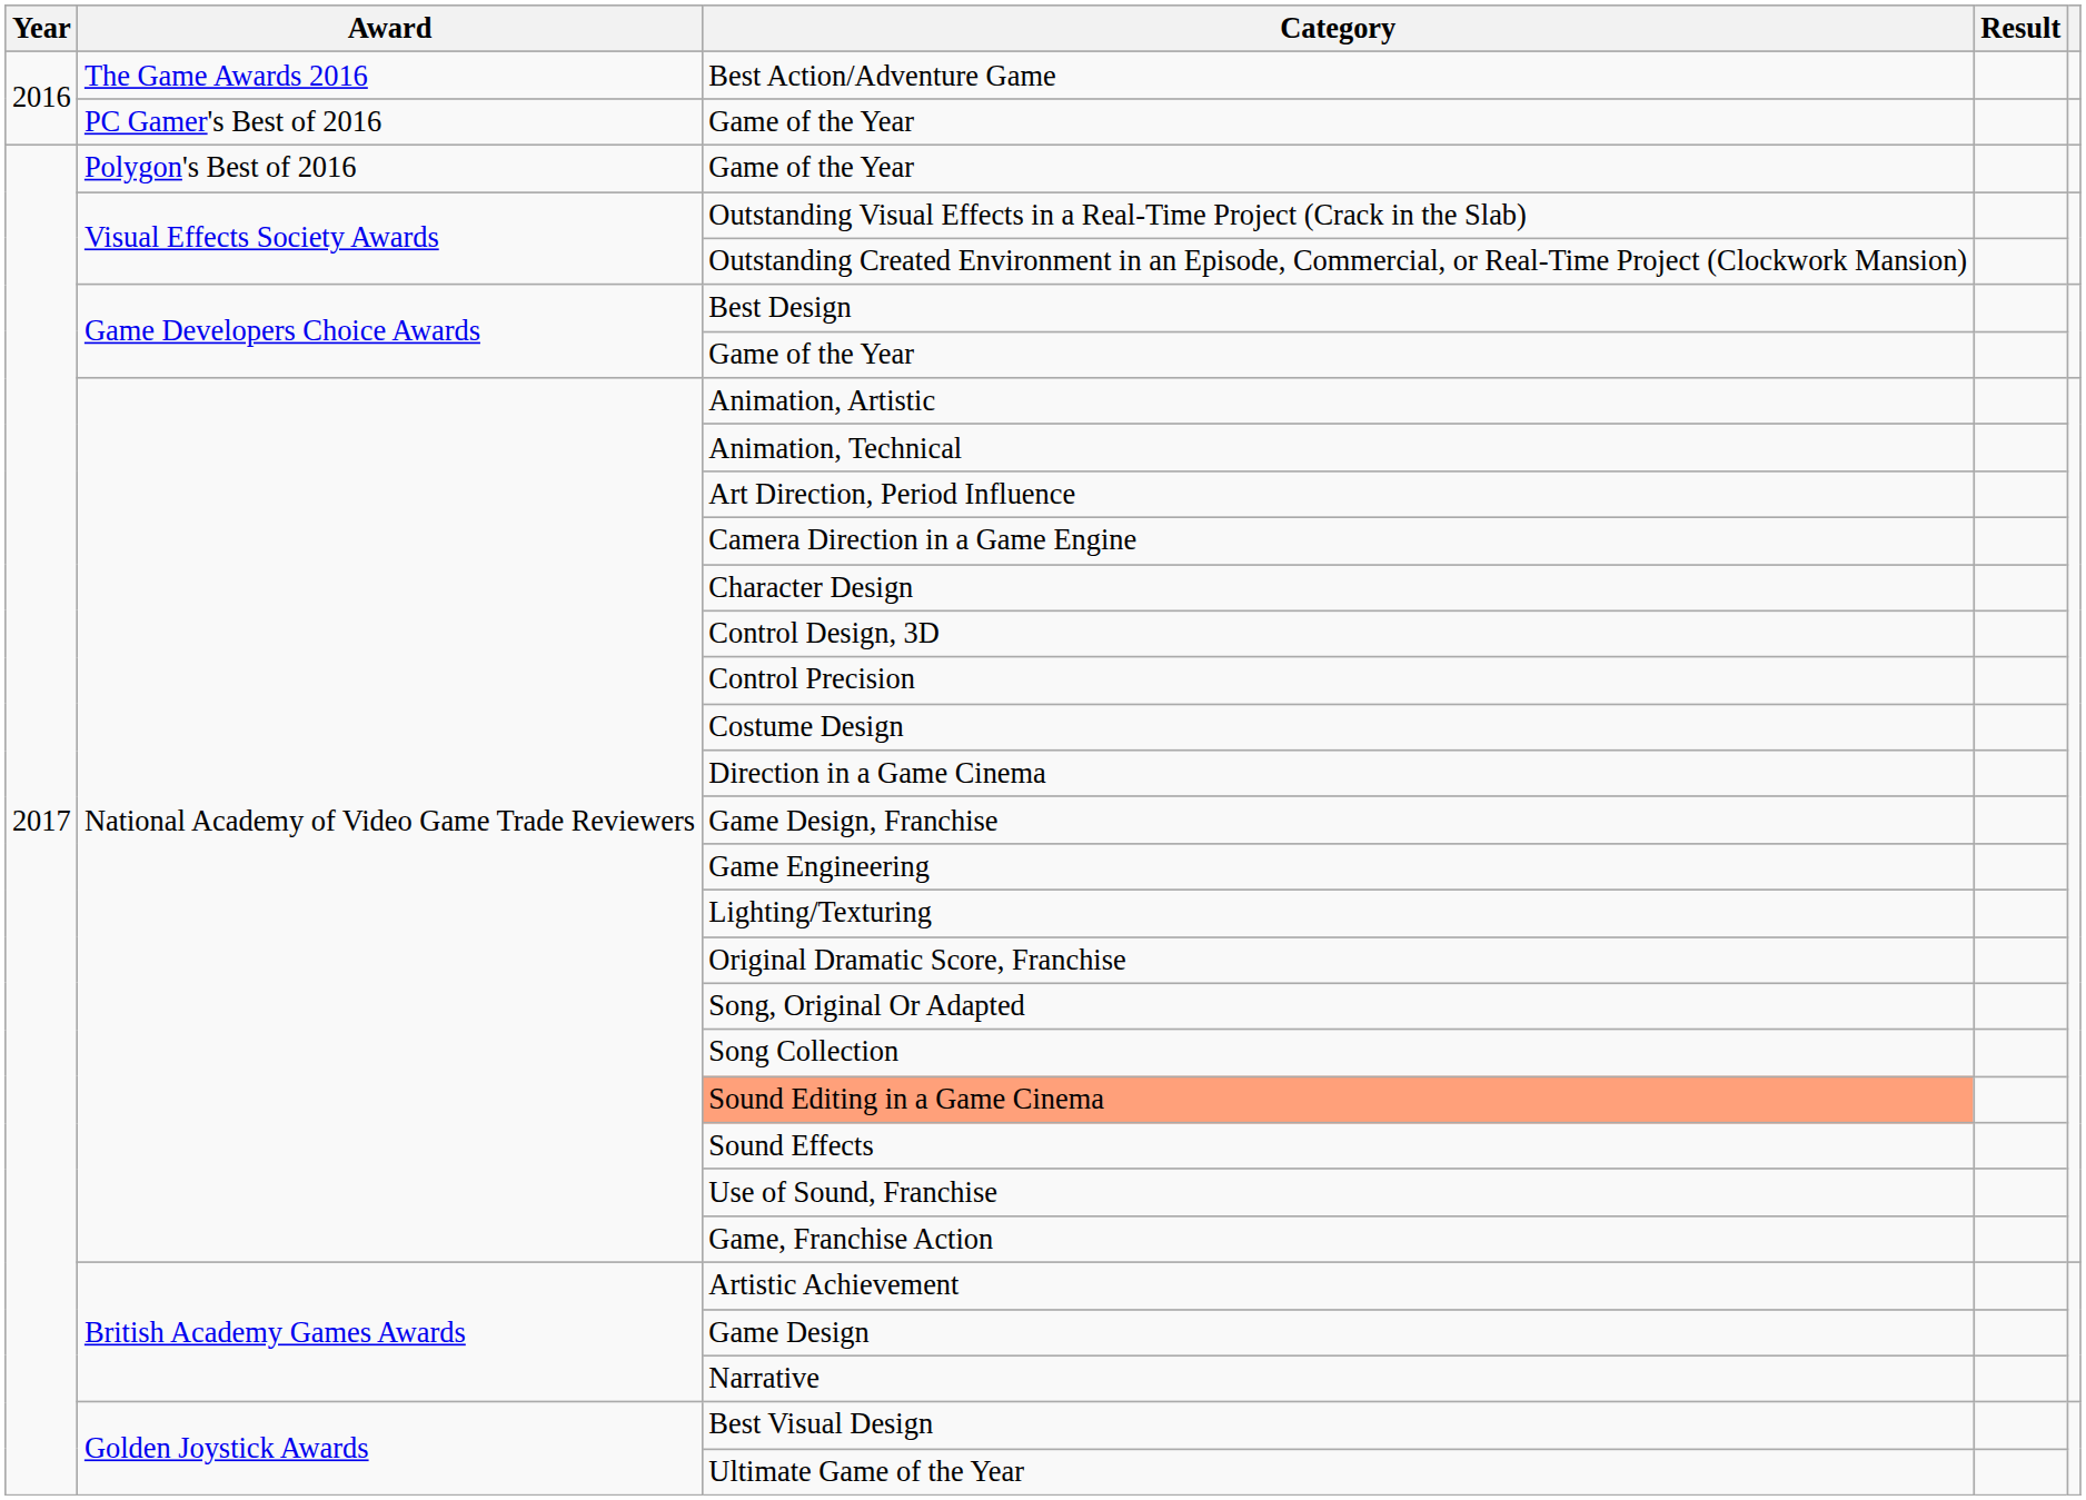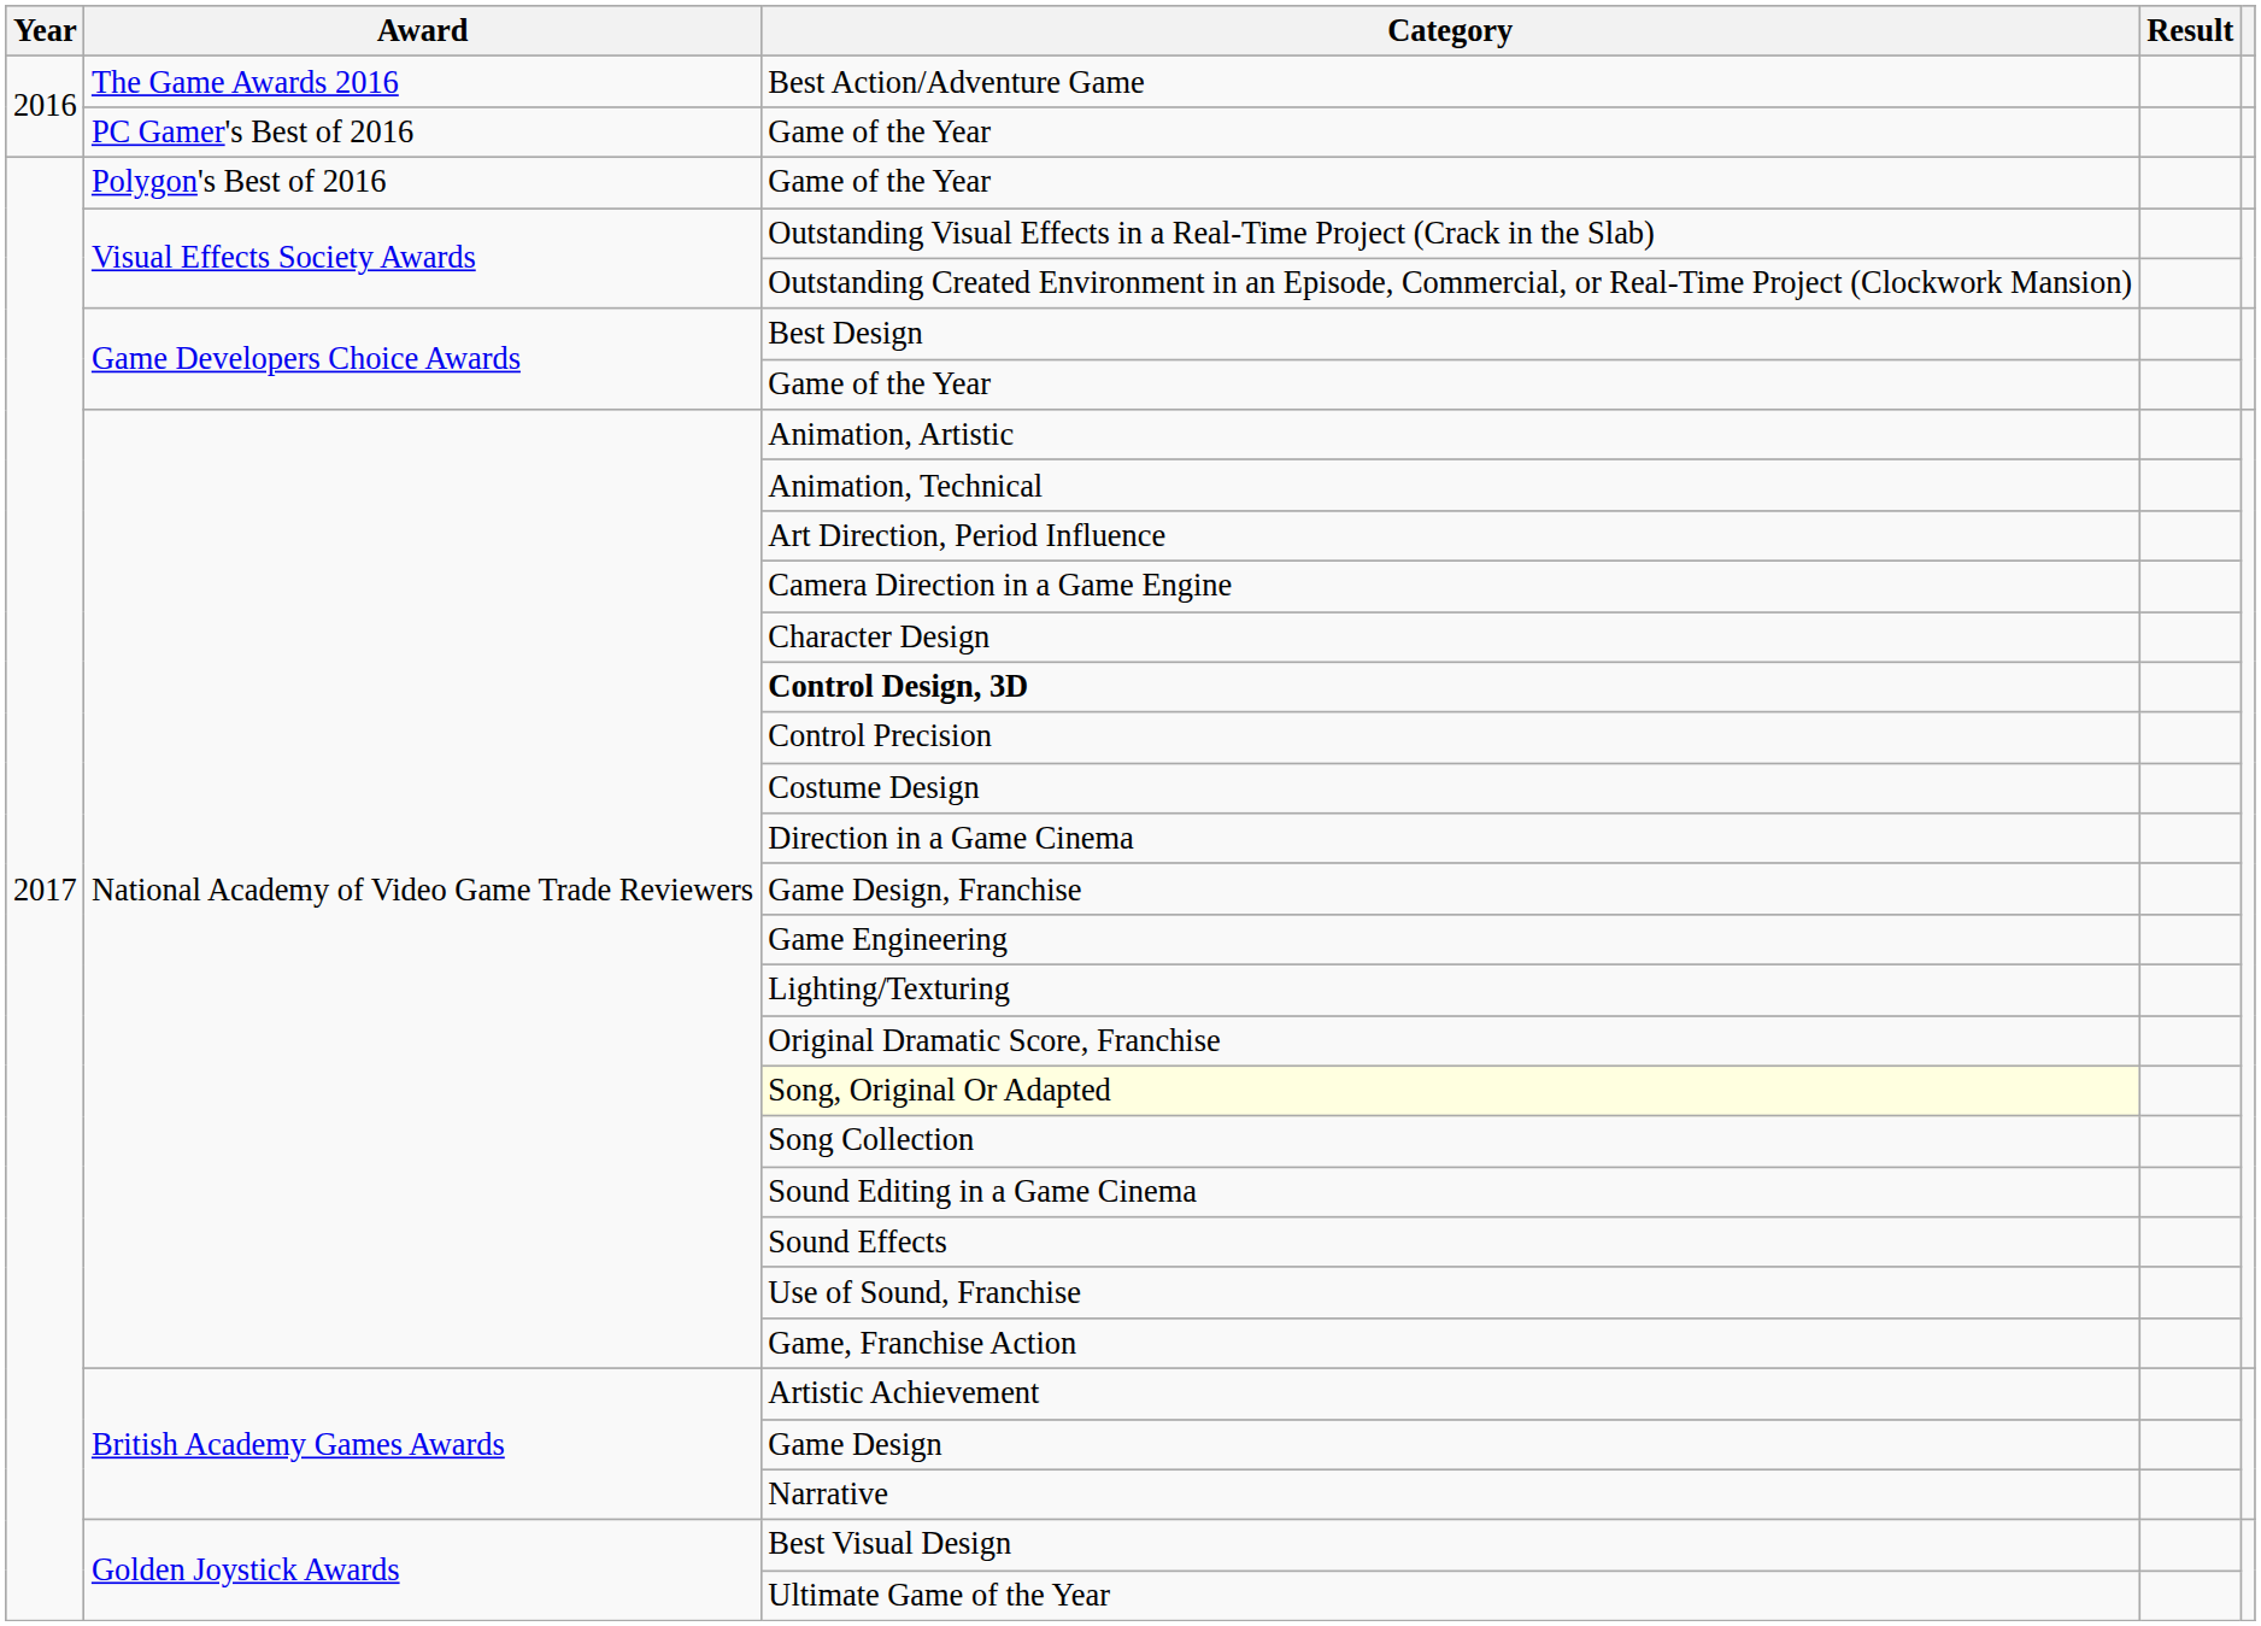 <table class="wikitable sortable">
 <tr>
 <th>Year</th>
 <th>Award</th>
 <th>Category</th>
 <th>Result</th>
 <th></th>
 </tr>
 <tr>
 <td style="text-align:center;" rowspan="2">2016</td>
 <td><a href='#'>The Game Awards 2016</a></td>
 <td>Best Action/Adventure Game</td>
 <td></td>
 <td></td>
 </tr>
 <tr>
 <td><a href='#'>PC Gamer</a>'s Best of 2016</td>
 <td>Game of the Year</td>
 <td></td>
 <td></td>
 </tr>
 <tr>
 <td style="text-align:center;" rowspan="29">2017</td>
 <td><a href='#'>Polygon</a>'s Best of 2016</td>
 <td>Game of the Year</td>
 <td></td>
 <td></td>
 </tr>
 <tr>
 <td rowspan="2"><a href='#'>Visual Effects Society Awards</a></td>
 <td>Outstanding Visual Effects in a Real-Time Project (Crack in the Slab)</td>
 <td></td>
 <td rowspan="2"></td>
 </tr>
 <tr>
 <td>Outstanding Created Environment in an Episode, Commercial, or Real-Time Project (Clockwork Mansion)</td>
 <td></td>
 </tr>
 <tr>
 <td rowspan="2"><a href='#'>Game Developers Choice Awards</a></td>
 <td>Best Design</td>
 <td></td>
 <td rowspan="2"></td>
 </tr>
 <tr>
 <td>Game of the Year</td>
 <td></td>
 </tr>
 <tr>
 <td rowspan="19">National Academy of Video Game Trade Reviewers</td>
 <td>Animation, Artistic</td>
 <td></td>
 <td rowspan="19"></td>
 </tr>
 <tr>
 <td>Animation, Technical</td>
 <td></td>
 </tr>
 <tr>
 <td>Art Direction, Period Influence</td>
 <td></td>
 </tr>
 <tr>
 <td>Camera Direction in a Game Engine</td>
 <td></td>
 </tr>
 <tr>
 <td>Character Design</td>
 <td></td>
 </tr>
 <tr>
-<td>Control Design, 3D</td>
+<td><strong>Control Design, 3D</strong></td>
 <td></td>
 </tr>
 <tr>
 <td>Control Precision</td>
 <td></td>
 </tr>
 <tr>
 <td>Costume Design</td>
 <td></td>
 </tr>
 <tr>
 <td>Direction in a Game Cinema</td>
 <td></td>
 </tr>
 <tr>
 <td>Game Design, Franchise</td>
 <td></td>
 </tr>
 <tr>
 <td>Game Engineering</td>
 <td></td>
 </tr>
 <tr>
 <td>Lighting/Texturing</td>
 <td></td>
 </tr>
 <tr>
 <td>Original Dramatic Score, Franchise</td>
 <td></td>
 </tr>
 <tr>
-<td>Song, Original Or Adapted</td>
+<td style="background: lightyellow;">Song, Original Or Adapted</td>
 <td></td>
 </tr>
 <tr>
 <td>Song Collection</td>
 <td></td>
 </tr>
 <tr>
-<td style="background: lightsalmon;">Sound Editing in a Game Cinema</td>
+<td>Sound Editing in a Game Cinema</td>
 <td></td>
 </tr>
 <tr>
 <td>Sound Effects</td>
 <td></td>
 </tr>
 <tr>
 <td>Use of Sound, Franchise</td>
 <td></td>
 </tr>
 <tr>
 <td>Game, Franchise Action</td>
 <td></td>
 </tr>
 <tr>
 <td rowspan="3"><a href='#'>British Academy Games Awards</a></td>
 <td>Artistic Achievement</td>
 <td></td>
 <td rowspan="3"></td>
 </tr>
 <tr>
 <td>Game Design</td>
 <td></td>
 </tr>
 <tr>
 <td>Narrative</td>
 <td></td>
 </tr>
 <tr>
 <td rowspan="2"><a href='#'>Golden Joystick Awards</a></td>
 <td>Best Visual Design</td>
 <td></td>
 <td rowspan="2"></td>
 </tr>
 <tr>
 <td>Ultimate Game of the Year</td>
 <td></td>
 </tr>
 </table>
